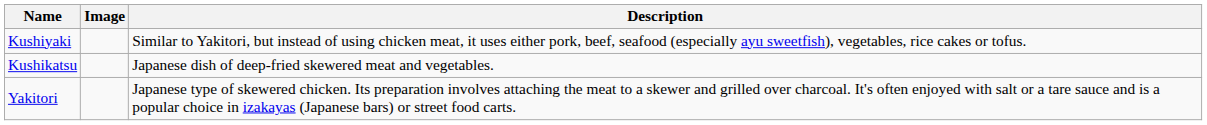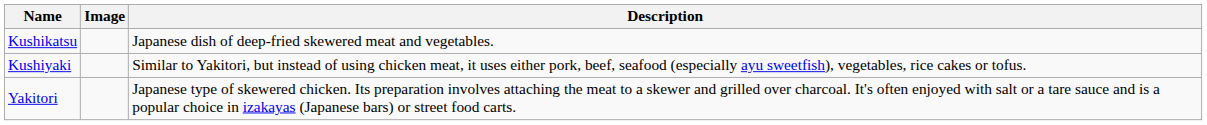 <table class="wikitable">
 <tr>
 <th>Name</th>
 <th class="unsortable">Image</th>
 <th>Description</th>
 </tr>
 <tr>
+<td><a href='#'>Kushikatsu</a></td>
+<td></td>
+<td>Japanese dish of deep-fried skewered meat and vegetables.</td>
+</tr>
+<tr>
 <td><a href='#'>Kushiyaki</a></td>
 <td></td>
 <td>Similar to Yakitori, but instead of using chicken meat, it uses either pork, beef, seafood (especially <a href='#'>ayu sweetfish</a>), vegetables, rice cakes or tofus.</td>
-</tr>
-<tr>
-<td><a href='#'>Kushikatsu</a></td>
-<td></td>
-<td>Japanese dish of deep-fried skewered meat and vegetables.</td>
 </tr>
 <tr>
 <td><a href='#'>Yakitori</a></td>
 <td></td>
 <td>Japanese type of skewered chicken. Its preparation involves attaching the meat to a skewer and grilled over charcoal. It's often enjoyed with salt or a tare sauce and is a popular choice in <a href='#'>izakayas</a> (Japanese bars) or street food carts.</td>
 </tr>
 </table>
